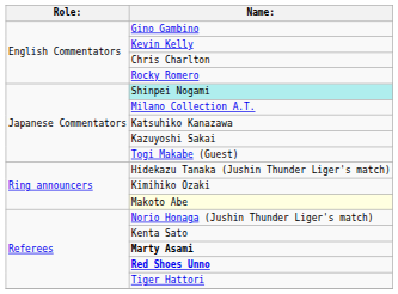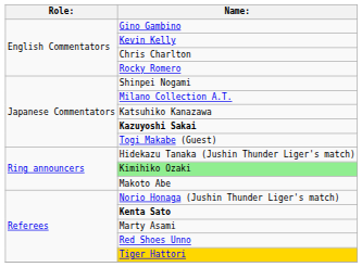 <table class=wikitable style="font-size:90%; margin: 0.5em 0 0.5em 1em; float: right; clear: right;">
 <tr>
 <th>Role:</th>
 <th>Name:</th>
 </tr>
 <tr>
 <td rowspan=4>English Commentators</td>
 <td><a href='#'>Gino Gambino</a></td>
 </tr>
 <tr>
 <td><a href='#'>Kevin Kelly</a></td>
 </tr>
 <tr>
 <td>Chris Charlton</td>
 </tr>
 <tr>
 <td><a href='#'>Rocky Romero</a></td>
 </tr>
 <tr>
 <td rowspan=5>Japanese Commentators</td>
-<td style="background: paleturquoise;">Shinpei Nogami</td>
+<td>Shinpei Nogami</td>
 </tr>
 <tr>
 <td><a href='#'>Milano Collection A.T.</a></td>
 </tr>
 <tr>
 <td>Katsuhiko Kanazawa</td>
 </tr>
 <tr>
-<td>Kazuyoshi Sakai</td>
+<td><strong>Kazuyoshi Sakai</strong></td>
 </tr>
 <tr>
 <td><a href='#'>Togi Makabe</a> (Guest)</td>
 </tr>
 <tr>
 <td rowspan=3><a href='#'>Ring announcers</a></td>
 <td>Hidekazu Tanaka (Jushin Thunder Liger's match)</td>
 </tr>
 <tr>
-<td>Kimihiko Ozaki</td>
+<td style="background: lightgreen;">Kimihiko Ozaki</td>
 </tr>
 <tr>
-<td style="background: lightyellow;">Makoto Abe</td>
+<td>Makoto Abe</td>
 </tr>
 <tr>
 <td rowspan=5><a href='#'>Referees</a></td>
 <td><a href='#'>Norio Honaga</a> (Jushin Thunder Liger's match)</td>
 </tr>
 <tr>
-<td>Kenta Sato</td>
+<td><strong>Kenta Sato</strong></td>
 </tr>
 <tr>
-<td><strong>Marty Asami</strong></td>
+<td>Marty Asami</td>
 </tr>
 <tr>
-<td><strong><a href='#'>Red Shoes Unno</a></strong></td>
+<td><a href='#'>Red Shoes Unno</a></td>
 </tr>
 <tr>
-<td><a href='#'>Tiger Hattori</a></td>
+<td style="background: gold;"><a href='#'>Tiger Hattori</a></td>
 </tr>
 <tr>
 </tr>
 </table>
